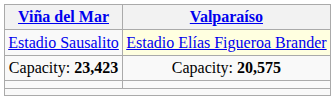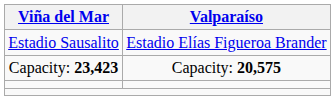 <table class=wikitable style="text-align:center"">
 <tr>
 <th><a href='#'>Viña del Mar</a></th>
 <th><a href='#'>Valparaíso</a></th>
 </tr>
 <tr>
 <td><a href='#'>Estadio Sausalito</a></td>
-<td style="background: lightyellow;"><a href='#'>Estadio Elías Figueroa Brander</a></td>
+<td><a href='#'>Estadio Elías Figueroa Brander</a></td>
 </tr>
 <tr>
 <td>Capacity: <strong>23,423</strong></td>
 <td>Capacity: <strong>20,575</strong></td>
 </tr>
 <tr>
 <td></td>
 <td></td>
 </tr>
 <tr>
 <td colspan="2"></td>
 </tr>
 </table>
